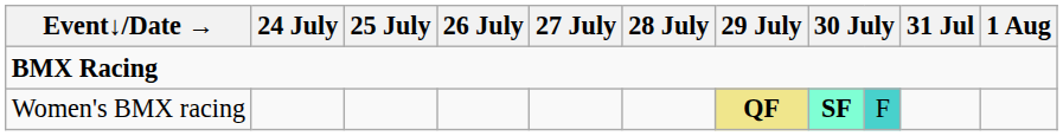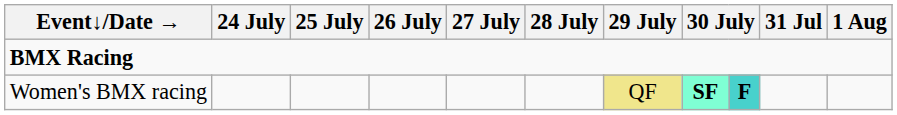 <table class="wikitable olympic-schedule cycling">
 <tr>
 <th>Event↓/Date →</th>
 <th>24 July</th>
 <th>25 July</th>
 <th>26 July</th>
 <th>27 July</th>
 <th>28 July</th>
 <th>29 July</th>
 <th colspan="2">30 July</th>
 <th>31 Jul</th>
 <th>1 Aug</th>
 </tr>
 <tr>
 <td colspan="11" class="event"><strong>BMX Racing</strong></td>
 </tr>
 <tr>
 <td class="event">Women's BMX racing</td>
 <td></td>
 <td></td>
 <td></td>
 <td></td>
 <td></td>
-<td bgcolor="#F0E68C" align="center" class="quarterfinals"><strong>QF</strong></td>
+<td bgcolor="#F0E68C" align="center" class="quarterfinals">QF</td>
 <td bgcolor="#7FFFD4" align="center" class="semifinal"><strong>SF</strong></td>
-<td bgcolor="#48D1CC" align="center" class="finals">F</td>
+<td bgcolor="#48D1CC" align="center" class="finals"><strong>F</strong></td>
 <td></td>
 <td></td>
 </tr>
 </table>
